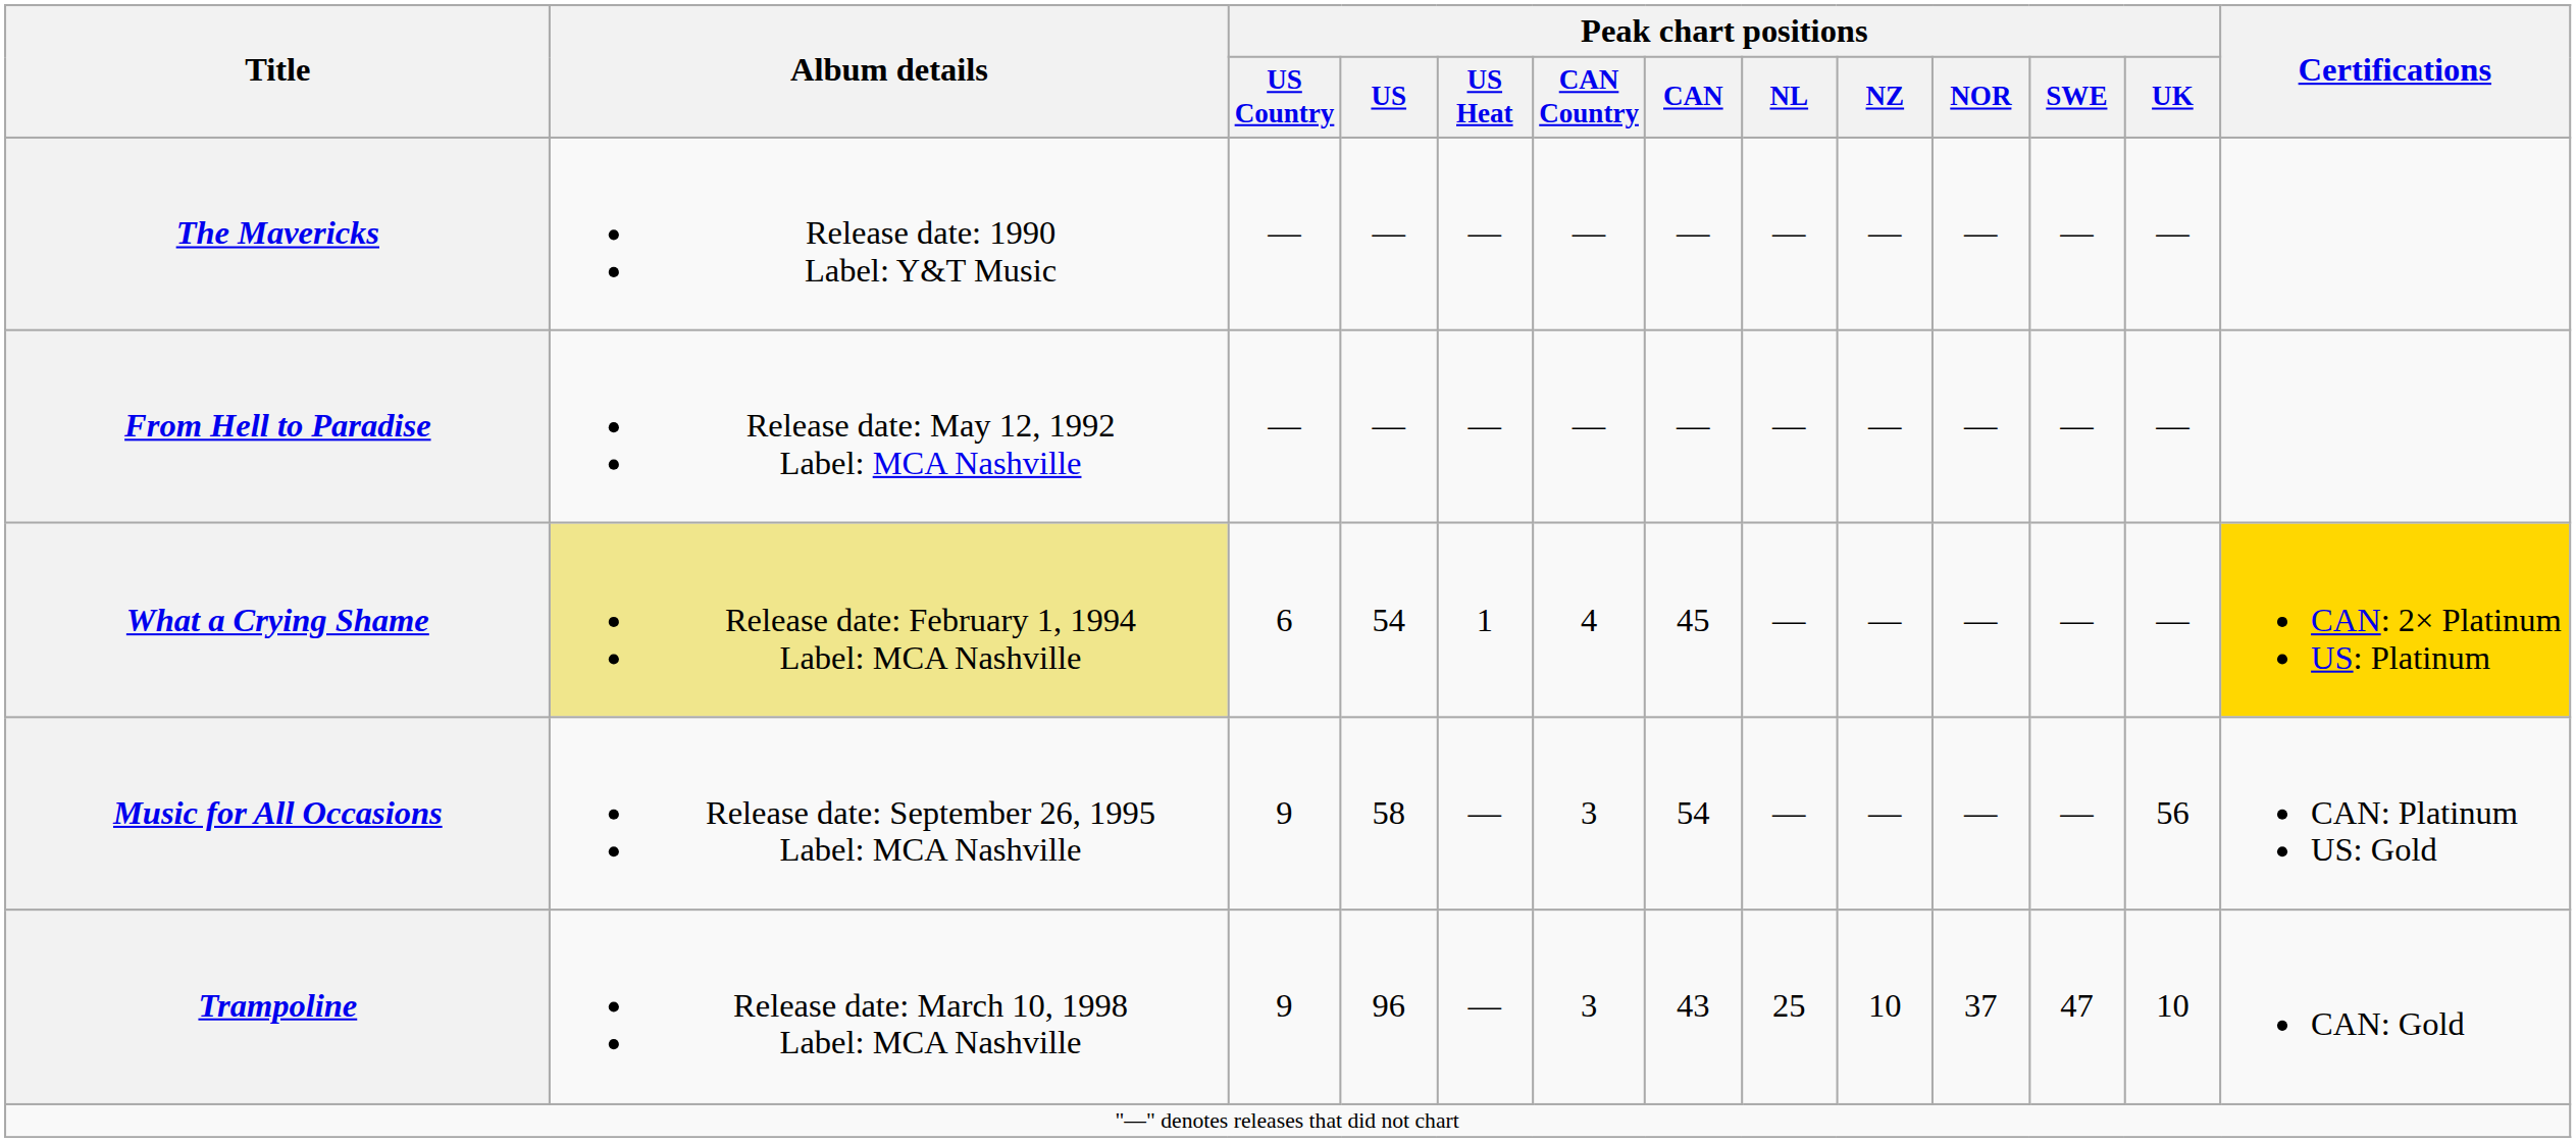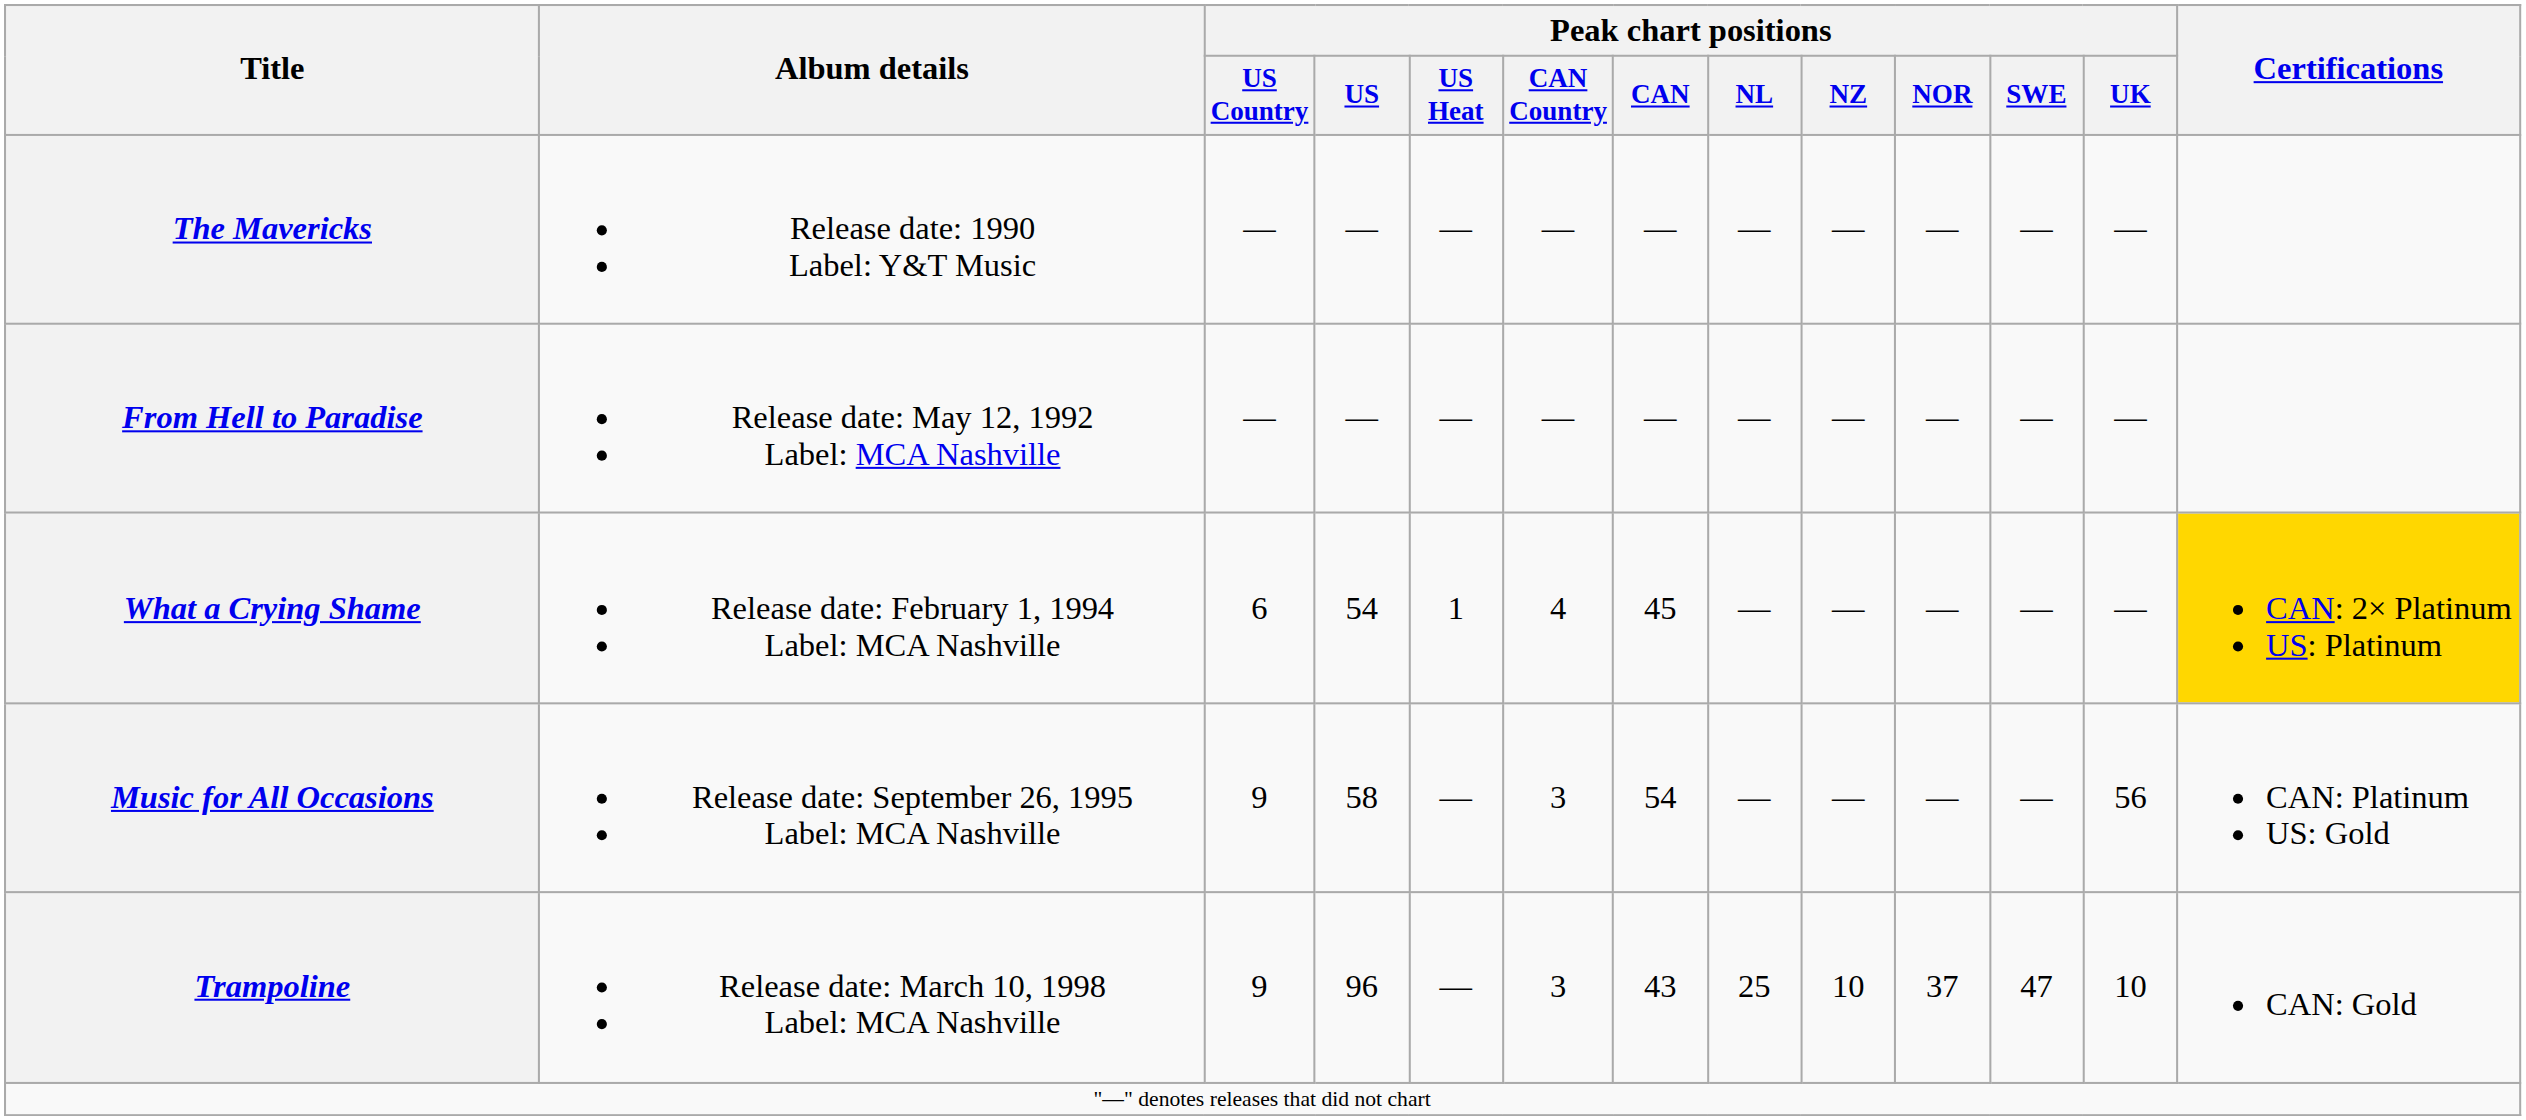 <table class="wikitable plainrowheaders" style="text-align:center;">
 <tr>
 <th rowspan="2" style="width:16em;">Title</th>
 <th rowspan="2" style="width:20em;">Album details</th>
 <th colspan="10">Peak chart positions</th>
 <th rowspan="2"><a href='#'>Certifications</a></th>
 </tr>
 <tr style="font-size:smaller;">
 <th width="40"><a href='#'>US Country</a><br></th>
 <th width="40"><a href='#'>US</a><br></th>
 <th width="40"><a href='#'>US<br>Heat</a><br></th>
 <th width="40"><a href='#'>CAN Country</a></th>
 <th width="40"><a href='#'>CAN</a></th>
 <th width="40"><a href='#'>NL</a><br></th>
 <th width="40"><a href='#'>NZ</a><br></th>
 <th width="40"><a href='#'>NOR</a><br></th>
 <th width="40"><a href='#'>SWE</a><br></th>
 <th width="40"><a href='#'>UK</a><br></th>
 </tr>
 <tr>
 <th scope="row"><em><a href='#'>The Mavericks</a></em></th>
 <td><br><ul><li>Release date: 1990</li><li>Label: Y&T Music</li></ul></td>
 <td>—</td>
 <td>—</td>
 <td>—</td>
 <td>—</td>
 <td>—</td>
 <td>—</td>
 <td>—</td>
 <td>—</td>
 <td>—</td>
 <td>—</td>
 <td></td>
 </tr>
 <tr>
 <th scope="row"><em><a href='#'>From Hell to Paradise</a></em></th>
 <td><br><ul><li>Release date: May 12, 1992</li><li>Label: <a href='#'>MCA Nashville</a></li></ul></td>
 <td>—</td>
 <td>—</td>
 <td>—</td>
 <td>—</td>
 <td>—</td>
 <td>—</td>
 <td>—</td>
 <td>—</td>
 <td>—</td>
 <td>—</td>
 <td></td>
 </tr>
 <tr>
 <th scope="row"><em><a href='#'>What a Crying Shame</a></em></th>
-<td style="background: khaki;"><br><ul><li>Release date: February 1, 1994</li><li>Label: MCA Nashville</li></ul></td>
+<td><br><ul><li>Release date: February 1, 1994</li><li>Label: MCA Nashville</li></ul></td>
 <td>6</td>
 <td>54</td>
 <td>1</td>
 <td>4</td>
 <td>45</td>
 <td>—</td>
 <td>—</td>
 <td>—</td>
 <td>—</td>
 <td>—</td>
 <td align="left" style="background: gold;"><br><ul><li><a href='#'>CAN</a>: 2× Platinum</li><li><a href='#'>US</a>: Platinum</li></ul></td>
 </tr>
 <tr>
 <th scope="row"><em><a href='#'>Music for All Occasions</a></em></th>
 <td><br><ul><li>Release date: September 26, 1995</li><li>Label: MCA Nashville</li></ul></td>
 <td>9</td>
 <td>58</td>
 <td>—</td>
 <td>3</td>
 <td>54</td>
 <td>—</td>
 <td>—</td>
 <td>—</td>
 <td>—</td>
 <td>56</td>
 <td align="left"><br><ul><li>CAN: Platinum</li><li>US: Gold</li></ul></td>
 </tr>
 <tr>
 <th scope="row"><em><a href='#'>Trampoline</a></em></th>
 <td><br><ul><li>Release date: March 10, 1998</li><li>Label: MCA Nashville</li></ul></td>
 <td>9</td>
 <td>96</td>
 <td>—</td>
 <td>3</td>
 <td>43</td>
 <td>25</td>
 <td>10</td>
 <td>37</td>
 <td>47</td>
 <td>10</td>
 <td align="left"><br><ul><li>CAN: Gold</li></ul></td>
 </tr>
 <tr>
 <td colspan="13" style="font-size:8pt">"—" denotes releases that did not chart</td>
 </tr>
 <tr>
 </tr>
 </table>
